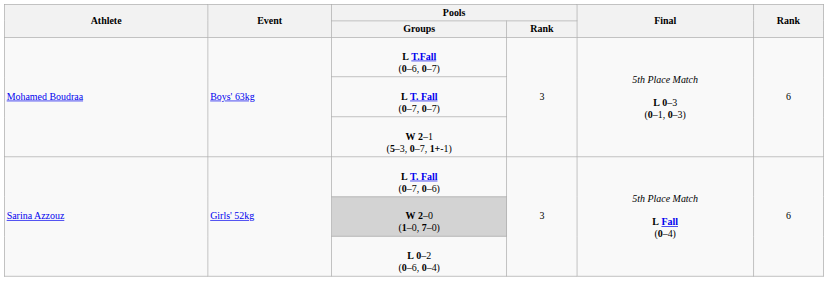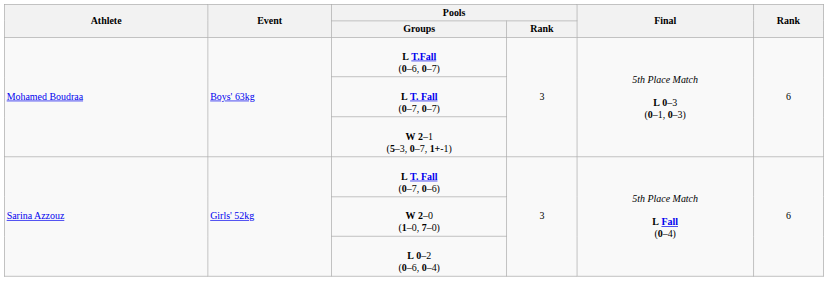 <table class="wikitable" width="75%" style="text-align:left; font-size:90%">
 <tr>
 <th rowspan="2">Athlete</th>
 <th rowspan="2">Event</th>
 <th colspan="2">Pools</th>
 <th rowspan="2">Final</th>
 <th rowspan="2">Rank</th>
 </tr>
 <tr>
 <th>Groups</th>
 <th>Rank</th>
 </tr>
 <tr>
 <td rowspan="3"><a href='#'>Mohamed Boudraa</a></td>
 <td rowspan="3"><a href='#'>Boys' 63kg</a></td>
 <td align=center><br><strong>L</strong> <strong><a href='#'>T.Fall</a></strong><br>(<strong>0</strong>–6, <strong>0</strong>–7)</td>
 <td rowspan="3" align=center>3</td>
 <td align=center rowspan=3><em>5th Place Match</em><br><br><strong>L</strong> <strong>0</strong>–3<br>(<strong>0</strong>–1, <strong>0</strong>–3)</td>
 <td rowspan="3" align="center">6</td>
 </tr>
 <tr>
 <td align=center><br><strong>L</strong> <strong><a href='#'>T. Fall</a></strong><br>(<strong>0</strong>–7, <strong>0</strong>–7)</td>
 </tr>
 <tr>
 <td align=center><br><strong>W</strong> <strong>2</strong>–1<br>(<strong>5</strong>–3, <strong>0</strong>–7, <strong>1+</strong>-1)</td>
 </tr>
 <tr>
 <td rowspan="3"><a href='#'>Sarina Azzouz</a></td>
 <td rowspan="3"><a href='#'>Girls' 52kg</a></td>
 <td align=center><br><strong>L</strong> <strong><a href='#'>T. Fall</a></strong><br>(<strong>0</strong>–7, <strong>0</strong>–6)</td>
 <td rowspan="3" align=center>3</td>
 <td align=center rowspan=3><em>5th Place Match</em><br><br><strong>L</strong> <strong><a href='#'>Fall</a></strong><br>(<strong>0</strong>–4)</td>
 <td rowspan="3" align="center">6</td>
 </tr>
 <tr>
-<td align=center style="background: lightgrey;"><br><strong>W</strong> <strong>2</strong>–0<br>(<strong>1</strong>–0, <strong>7</strong>–0)</td>
+<td align=center><br><strong>W</strong> <strong>2</strong>–0<br>(<strong>1</strong>–0, <strong>7</strong>–0)</td>
 </tr>
 <tr>
 <td align=center><br><strong>L</strong> <strong>0</strong>–2<br>(<strong>0</strong>–6, <strong>0</strong>–4)</td>
 </tr>
 </table>
